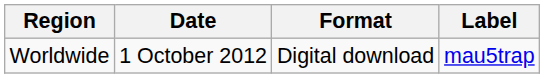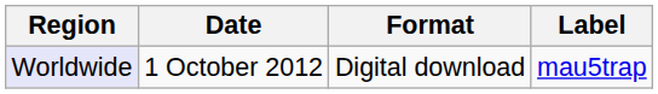 <table class="wikitable">
 <tr>
 <th scope="col">Region</th>
 <th scope="col">Date</th>
 <th scope="col">Format</th>
 <th scope="col">Label</th>
 </tr>
 <tr>
-<td>Worldwide</td>
+<td style="background: lavender;">Worldwide</td>
 <td rowspan="2">1 October 2012</td>
 <td rowspan="3">Digital download</td>
 <td rowspan="3"><a href='#'>mau5trap</a></td>
 </tr>
 </table>
